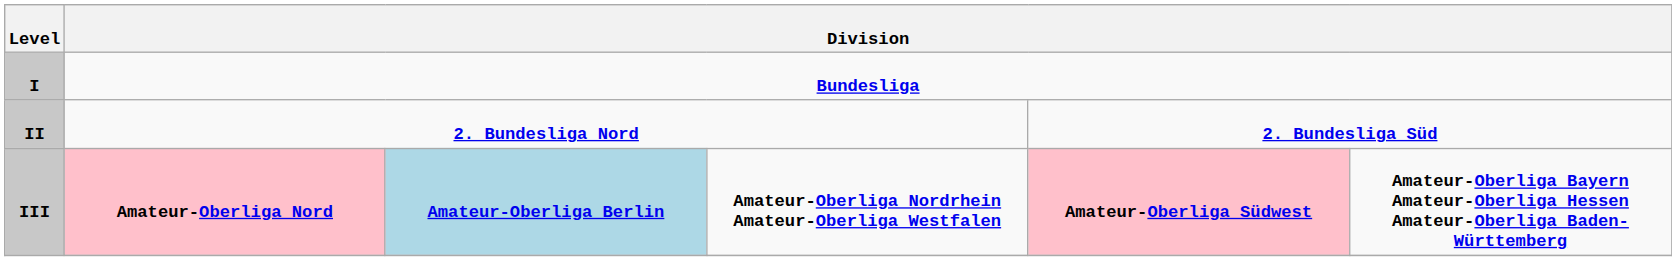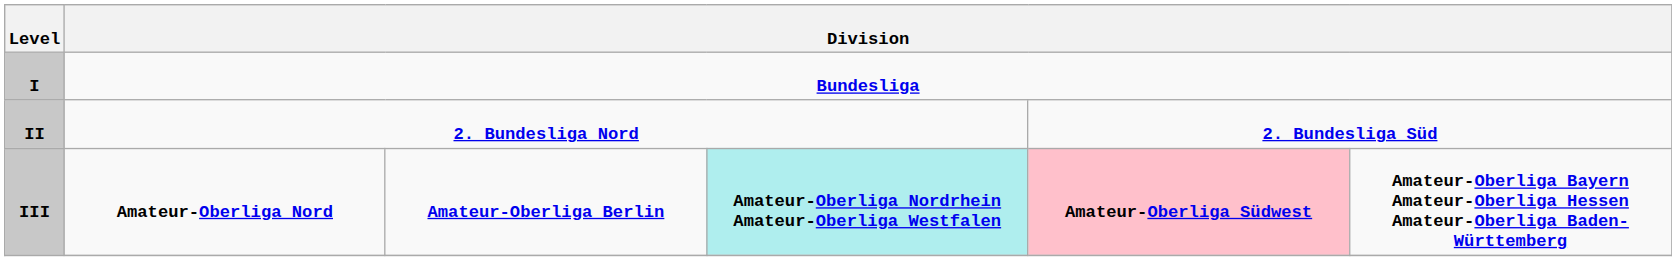 <table class="wikitable" style="text-align:center" height="30" width="100%">
 <tr style="background:#c8c8c8">
 <th colspan="1"><br>Level</th>
 <th colspan="5"><br>Division</th>
 </tr>
 <tr>
 <td colspan="1" style="background:#c8c8c8"><br><strong>I</strong></td>
 <td colspan="5"><br><strong><a href='#'>Bundesliga</a></strong></td>
 </tr>
 <tr>
 <td colspan="1" style="background:#c8c8c8"><br><strong>II</strong></td>
 <td colspan="3"><br><strong><a href='#'>2. Bundesliga Nord</a></strong></td>
 <td colspan="2"><br><strong><a href='#'>2. Bundesliga Süd</a></strong></td>
 </tr>
 <tr>
 <td colspan="1" style="background:#c8c8c8"><br><strong>III</strong></td>
-<td colspan="1" width="20%" style="background: pink;"><br><strong>Amateur-<a href='#'>Oberliga Nord</a></strong></td>
-<td colspan="1" width="20%" style="background: lightblue;"><br><strong><a href='#'>Amateur-Oberliga Berlin</a></strong></td>
-<td colspan="1" width="20%"><br><strong>Amateur-<a href='#'>Oberliga Nordrhein</a></strong><br> <strong>Amateur-<a href='#'>Oberliga Westfalen</a></strong></td>
+<td colspan="1" width="20%"><br><strong>Amateur-<a href='#'>Oberliga Nord</a></strong></td>
+<td colspan="1" width="20%"><br><strong><a href='#'>Amateur-Oberliga Berlin</a></strong></td>
+<td colspan="1" width="20%" style="background: paleturquoise;"><br><strong>Amateur-<a href='#'>Oberliga Nordrhein</a></strong><br> <strong>Amateur-<a href='#'>Oberliga Westfalen</a></strong></td>
 <td colspan="1" width="20%" style="background: pink;"><br><strong>Amateur-<a href='#'>Oberliga Südwest</a></strong></td>
 <td colspan="1" width="20%"><br><strong>Amateur-<a href='#'>Oberliga Bayern</a></strong><br> <strong>Amateur-<a href='#'>Oberliga Hessen</a></strong><br> <strong>Amateur-<a href='#'>Oberliga Baden-Württemberg</a></strong></td>
 </tr>
 <tr>
 </tr>
 </table>
